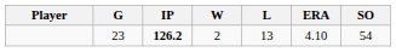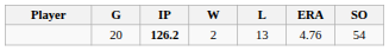 <table class="wikitable sortable">
 <tr>
 <th bgcolor="#DDDDFF" width="16%">Player</th>
 <th bgcolor="#DDDDFF" width="9%">G</th>
 <th bgcolor="#DDDDFF" width="9%">IP</th>
 <th bgcolor="#DDDDFF" width="9%">W</th>
 <th bgcolor="#DDDDFF" width="9%">L</th>
 <th bgcolor="#DDDDFF" width="9%">ERA</th>
 <th bgcolor="#DDDDFF" width="9%">SO</th>
 </tr>
 <tr align="center">
 <td></td>
-<td>23</td>
+<td>20</td>
 <td><strong>126.2</strong></td>
 <td>2</td>
 <td>13</td>
-<td>4.10</td>
+<td>4.76</td>
 <td>54</td>
 </tr>
 </table>
